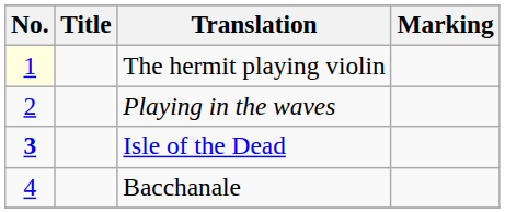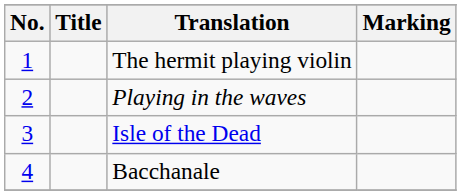 <table class="wikitable sortable plainrowheaders">
 <tr>
 </tr>
 <tr>
 <th scope="col">No.</th>
 <th scope="col">Title</th>
 <th scope="col">Translation</th>
 <th scope="col">Marking<br></th>
 </tr>
 <tr>
-<td scope="row" style="background: lightyellow; text-align: center;"><a href='#'>1</a></td>
+<td scope="row" style="text-align: center;"><a href='#'>1</a></td>
 <td><em></em></td>
 <td>The hermit playing violin</td>
 <td> </td>
 </tr>
 <tr>
 <td scope="row" style="text-align: center;"><a href='#'>2</a></td>
 <td><em></em></td>
 <td><em>Playing in the waves</em></td>
 <td></td>
 </tr>
 <tr>
-<td scope="row" style="text-align: center;"><strong><a href='#'>3</a></strong></td>
+<td scope="row" style="text-align: center;"><a href='#'>3</a></td>
 <td><em></em></td>
 <td><em><a href='#'></em>Isle of the Dead<em></a></em></td>
 <td></td>
 </tr>
 <tr>
 <td scope="row" style="text-align: center;"><a href='#'>4</a></td>
 <td><em></em></td>
 <td>Bacchanale</td>
 <td></td>
 </tr>
 <tr>
 </tr>
 </table>
